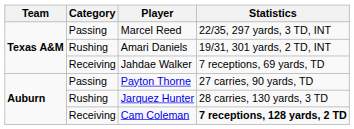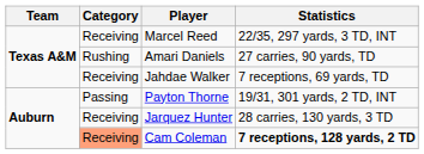 <table class="wikitable" style="float: right;">
 <tr>
 <th>Team</th>
 <th>Category</th>
 <th>Player</th>
 <th>Statistics</th>
 </tr>
 <tr>
 <td rowspan=3><strong>Texas A&M</strong></td>
-<td>Passing</td>
+<td>Receiving</td>
 <td>Marcel Reed</td>
 <td>22/35, 297 yards, 3 TD, INT</td>
 </tr>
 <tr>
 <td>Rushing</td>
 <td>Amari Daniels</td>
-<td>19/31, 301 yards, 2 TD, INT</td>
+<td>27 carries, 90 yards, TD</td>
 </tr>
 <tr>
 <td>Receiving</td>
 <td>Jahdae Walker</td>
 <td>7 receptions, 69 yards, TD</td>
 </tr>
 <tr>
 <td rowspan=3><strong>Auburn</strong></td>
 <td>Passing</td>
 <td><a href='#'>Payton Thorne</a></td>
-<td>27 carries, 90 yards, TD</td>
+<td>19/31, 301 yards, 2 TD, INT</td>
 </tr>
 <tr>
-<td>Rushing</td>
+<td>Receiving</td>
 <td><a href='#'>Jarquez Hunter</a></td>
 <td>28 carries, 130 yards, 3 TD</td>
 </tr>
 <tr>
-<td>Receiving</td>
+<td style="background: lightsalmon;">Receiving</td>
 <td><a href='#'>Cam Coleman</a></td>
 <td><strong>7 receptions, 128 yards, 2 TD</strong></td>
 </tr>
 </table>
